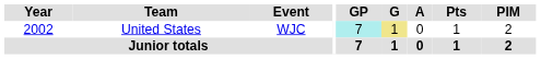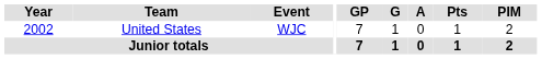 <table border="0" cellpadding="1" cellspacing="0" ID="Table3" style="text-align:center; width:40em">
 <tr ALIGN="center" bgcolor="#e0e0e0">
 <th>Year</th>
 <th>Team</th>
 <th>Event</th>
 <th rowspan="99" bgcolor="#ffffff"></th>
 <th>GP</th>
 <th>G</th>
 <th>A</th>
 <th>Pts</th>
 <th>PIM</th>
 </tr>
 <tr>
 <td><a href='#'>2002</a></td>
 <td><a href='#'>United States</a></td>
 <td><a href='#'>WJC</a></td>
-<td style="background: paleturquoise;">7</td>
-<td style="background: khaki;">1</td>
+<td>7</td>
+<td>1</td>
 <td>0</td>
 <td>1</td>
 <td>2</td>
 </tr>
 <tr bgcolor="#e0e0e0">
 <th colspan="3">Junior totals</th>
 <th>7</th>
 <th>1</th>
 <th>0</th>
 <th>1</th>
 <th>2</th>
 </tr>
 </table>
